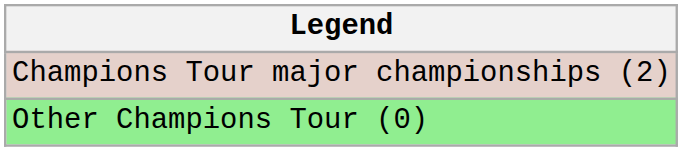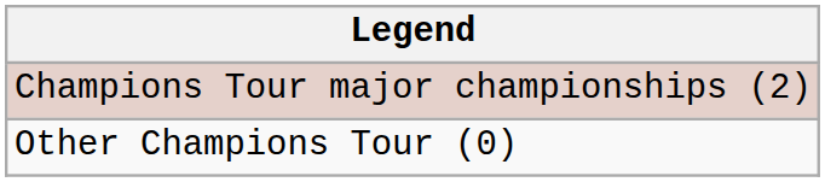 <table class="wikitable" style="font-size:95%;">
 <tr>
 <th>Legend</th>
 </tr>
 <tr style="background:#e5d1cb;">
 <td>Champions Tour major championships (2)</td>
 </tr>
 <tr>
-<td style="background: lightgreen;">Other Champions Tour (0)</td>
+<td>Other Champions Tour (0)</td>
 </tr>
 </table>
